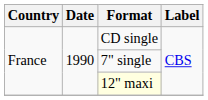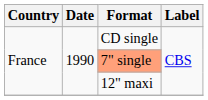 <table class=wikitable>
 <tr>
 <th>Country</th>
 <th>Date</th>
 <th>Format</th>
 <th>Label</th>
 </tr>
 <tr>
 <td rowspan="3">France</td>
 <td rowspan="3">1990</td>
 <td>CD single</td>
 <td rowspan="3"><a href='#'>CBS</a></td>
 </tr>
 <tr>
-<td>7" single</td>
+<td style="background: lightsalmon;">7" single</td>
 </tr>
 <tr>
-<td style="background: lightyellow;">12" maxi</td>
+<td>12" maxi</td>
 </tr>
 <tr>
 </tr>
 </table>
